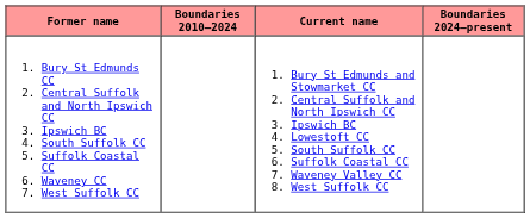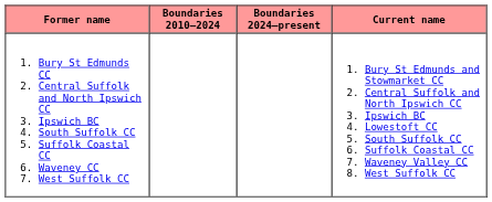 <table border=1 cellpadding="2" cellspacing="0">
 <tr>
 <th bgcolor="#ff9999">Former name</th>
 <th bgcolor="#ff9999">Boundaries 2010–2024</th>
+<th bgcolor="#ff9999">Boundaries 2024–present</th>
 <th bgcolor="#ff9999">Current name</th>
-<th bgcolor="#ff9999">Boundaries 2024–present</th>
 </tr>
 <tr>
 <td><br><ol><li><a href='#'>Bury St Edmunds CC</a></li><li><a href='#'>Central Suffolk and North Ipswich CC</a></li><li><a href='#'>Ipswich BC</a></li><li><a href='#'>South Suffolk CC</a></li><li><a href='#'>Suffolk Coastal CC</a></li><li><a href='#'>Waveney CC</a></li><li><a href='#'>West Suffolk CC</a></li></ol></td>
 <td></td>
+<td></td>
 <td><br><ol><li><a href='#'>Bury St Edmunds and Stowmarket CC</a></li><li><a href='#'>Central Suffolk and North Ipswich CC</a></li><li><a href='#'>Ipswich BC</a></li><li><a href='#'>Lowestoft CC</a></li><li><a href='#'>South Suffolk CC</a></li><li><a href='#'>Suffolk Coastal CC</a></li><li><a href='#'>Waveney Valley CC</a></li><li><a href='#'>West Suffolk CC</a></li></ol></td>
-<td></td>
 </tr>
 </table>
